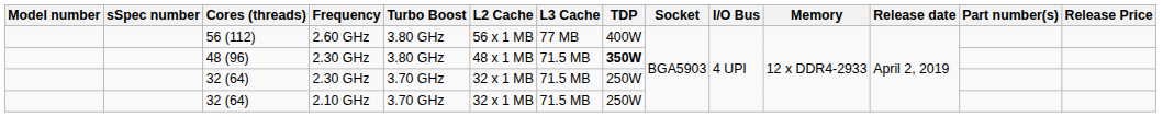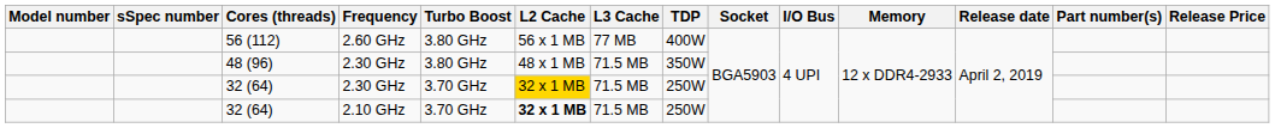 <table class="wikitable hover-highlight">
 <tr>
 <th>Model number</th>
 <th>sSpec number</th>
 <th>Cores (threads)</th>
 <th>Frequency</th>
 <th>Turbo Boost</th>
 <th>L2 Cache</th>
 <th>L3 Cache</th>
 <th>TDP</th>
 <th>Socket</th>
 <th>I/O Bus</th>
 <th>Memory</th>
 <th>Release date</th>
 <th>Part number(s)</th>
 <th>Release Price</th>
 </tr>
 <tr>
 <td></td>
 <td></td>
 <td>56 (112)</td>
 <td>2.60 GHz</td>
 <td>3.80 GHz</td>
 <td>56 x 1 MB</td>
 <td>77 MB</td>
 <td>400W</td>
 <td rowspan="4">BGA5903</td>
 <td rowspan="4">4 UPI</td>
 <td rowspan="4">12 x DDR4-2933</td>
 <td rowspan="4">April 2, 2019</td>
 <td></td>
 <td></td>
 </tr>
 <tr>
 <td></td>
 <td></td>
 <td>48 (96)</td>
 <td>2.30 GHz</td>
 <td>3.80 GHz</td>
 <td>48 x 1 MB</td>
 <td>71.5 MB</td>
-<td><strong>350W</strong></td>
+<td>350W</td>
 <td></td>
 <td></td>
 </tr>
 <tr>
 <td></td>
 <td></td>
 <td>32 (64)</td>
 <td>2.30 GHz</td>
 <td>3.70 GHz</td>
-<td>32 x 1 MB</td>
+<td style="background: gold;">32 x 1 MB</td>
 <td>71.5 MB</td>
 <td>250W</td>
 <td></td>
 <td></td>
 </tr>
 <tr>
 <td></td>
 <td></td>
 <td>32 (64)</td>
 <td>2.10 GHz</td>
 <td>3.70 GHz</td>
-<td>32 x 1 MB</td>
+<td><strong>32 x 1 MB</strong></td>
 <td>71.5 MB</td>
 <td>250W</td>
 <td></td>
 <td></td>
 </tr>
 </table>
